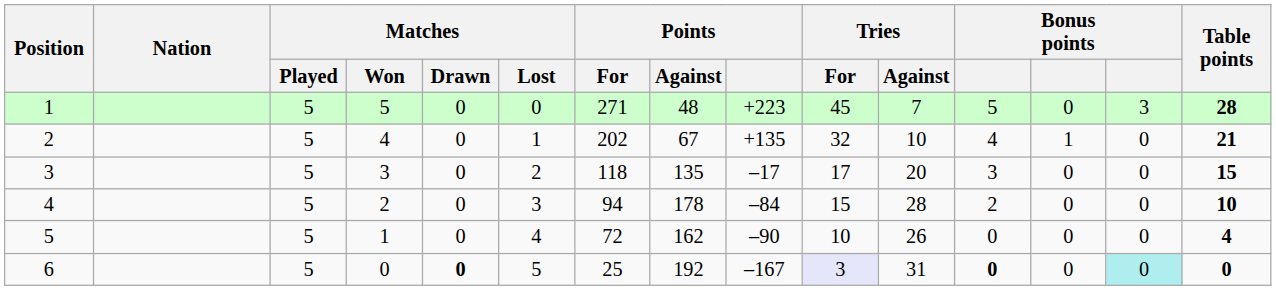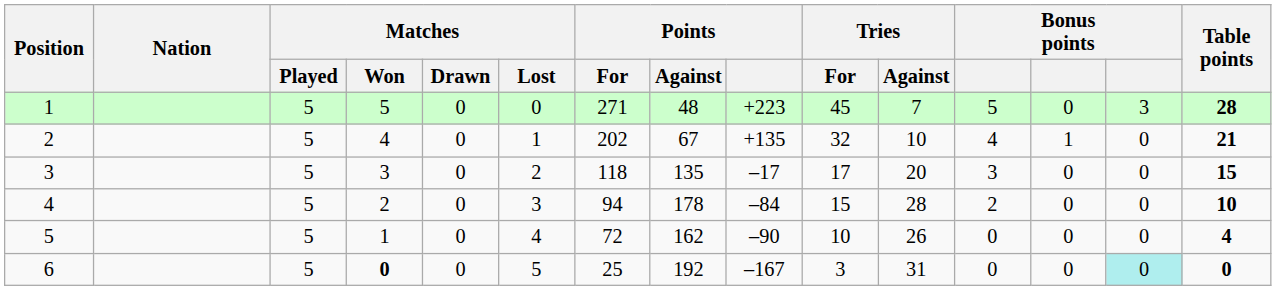 <table class="wikitable" style="text-align:center">
 <tr>
 <th rowspan="2" style="width:7%">Position</th>
 <th rowspan="2" style="width:14%">Nation</th>
 <th colspan="4" style="width:28%">Matches</th>
 <th colspan="3" style="width:20%">Points</th>
 <th colspan="2" style="width:14%">Tries</th>
 <th colspan="3" style="width:20%">Bonus<br>points</th>
 <th rowspan="2" style="width:7%">Table<br>points</th>
 </tr>
 <tr>
 <th style="width:6%">Played</th>
 <th style="width:6%">Won</th>
 <th style="width:6%">Drawn</th>
 <th style="width:6%">Lost</th>
 <th style="width:6%">For</th>
 <th style="width:6%">Against</th>
 <th style="width:6%"></th>
 <th style="width:6%">For</th>
 <th style="width:6%">Against</th>
 <th style="width:6%"></th>
 <th style="width:6%"></th>
 <th style="width:6%"></th>
 </tr>
 <tr bgcolor=#ccffcc>
 <td>1</td>
 <td align="left"></td>
 <td>5</td>
 <td>5</td>
 <td>0</td>
 <td>0</td>
 <td>271</td>
 <td>48</td>
 <td>+223</td>
 <td>45</td>
 <td>7</td>
 <td>5</td>
 <td>0</td>
 <td>3</td>
 <td><strong>28</strong></td>
 </tr>
 <tr>
 <td>2</td>
 <td align="left"></td>
 <td>5</td>
 <td>4</td>
 <td>0</td>
 <td>1</td>
 <td>202</td>
 <td>67</td>
 <td>+135</td>
 <td>32</td>
 <td>10</td>
 <td>4</td>
 <td>1</td>
 <td>0</td>
 <td><strong>21</strong></td>
 </tr>
 <tr>
 <td>3</td>
 <td align="left"></td>
 <td>5</td>
 <td>3</td>
 <td>0</td>
 <td>2</td>
 <td>118</td>
 <td>135</td>
 <td>–17</td>
 <td>17</td>
 <td>20</td>
 <td>3</td>
 <td>0</td>
 <td>0</td>
 <td><strong>15</strong></td>
 </tr>
 <tr>
 <td>4</td>
 <td align="left"></td>
 <td>5</td>
 <td>2</td>
 <td>0</td>
 <td>3</td>
 <td>94</td>
 <td>178</td>
 <td>–84</td>
 <td>15</td>
 <td>28</td>
 <td>2</td>
 <td>0</td>
 <td>0</td>
 <td><strong>10</strong></td>
 </tr>
 <tr>
 <td>5</td>
 <td align="left"></td>
 <td>5</td>
 <td>1</td>
 <td>0</td>
 <td>4</td>
 <td>72</td>
 <td>162</td>
 <td>–90</td>
 <td>10</td>
 <td>26</td>
 <td>0</td>
 <td>0</td>
 <td>0</td>
 <td><strong>4</strong></td>
 </tr>
 <tr>
 <td>6</td>
 <td align="left"></td>
 <td>5</td>
+<td><strong>0</strong></td>
 <td>0</td>
-<td><strong>0</strong></td>
 <td>5</td>
 <td>25</td>
 <td>192</td>
 <td>–167</td>
-<td style="background: lavender;">3</td>
+<td>3</td>
 <td>31</td>
-<td><strong>0</strong></td>
+<td>0</td>
 <td>0</td>
 <td style="background: paleturquoise;">0</td>
 <td><strong>0</strong></td>
 </tr>
 </table>
